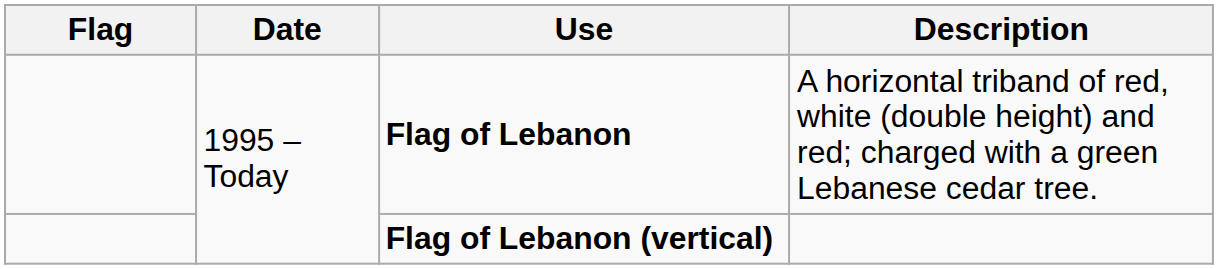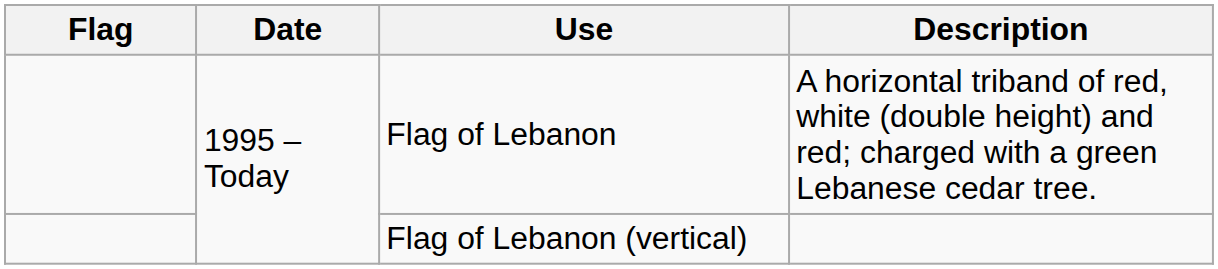 <table class="wikitable">
 <tr>
 <th style="width:110px;">Flag</th>
 <th style="width:100px;">Date</th>
 <th style="width:250px;">Use</th>
 <th style="width:250px;">Description</th>
 </tr>
 <tr>
 <td></td>
 <td rowspan="2">1995 – Today</td>
-<td><strong>Flag of Lebanon</strong></td>
+<td>Flag of Lebanon</td>
 <td>A horizontal triband of red, white (double height) and red; charged with a green Lebanese cedar tree.</td>
 </tr>
 <tr>
 <td></td>
-<td><strong>Flag of Lebanon (vertical)</strong></td>
+<td>Flag of Lebanon (vertical)</td>
 <td></td>
 </tr>
 </table>
